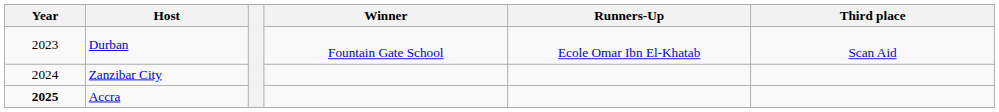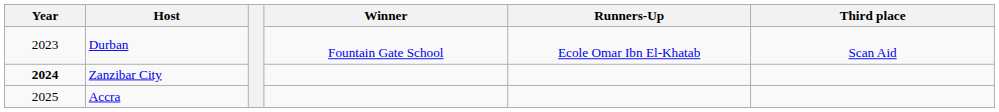 <table class=wikitable style="text-align:center; font-size:90%; width:%">
 <tr>
 <th width=5%>Year</th>
 <th width=10%>Host</th>
 <th width="1%" bgcolor=ffffff rowspan=4></th>
 <th width=15%>Winner</th>
 <th width=15%>Runners-Up</th>
 <th width=15%>Third place</th>
 </tr>
 <tr>
 <td>2023</td>
 <td align=left> <a href='#'>Durban</a></td>
 <td><br><a href='#'>Fountain Gate School</a></td>
 <td><br><a href='#'>Ecole Omar Ibn El-Khatab</a></td>
 <td><br><a href='#'>Scan Aid</a></td>
 </tr>
 <tr>
-<td>2024</td>
+<td><strong>2024</strong></td>
 <td align=left> <a href='#'>Zanzibar City</a></td>
 <td></td>
 <td></td>
 <td></td>
 </tr>
 <tr>
-<td><strong>2025</strong></td>
+<td>2025</td>
 <td align=left> <a href='#'>Accra</a></td>
 <td></td>
 <td></td>
 <td></td>
 </tr>
 </table>
